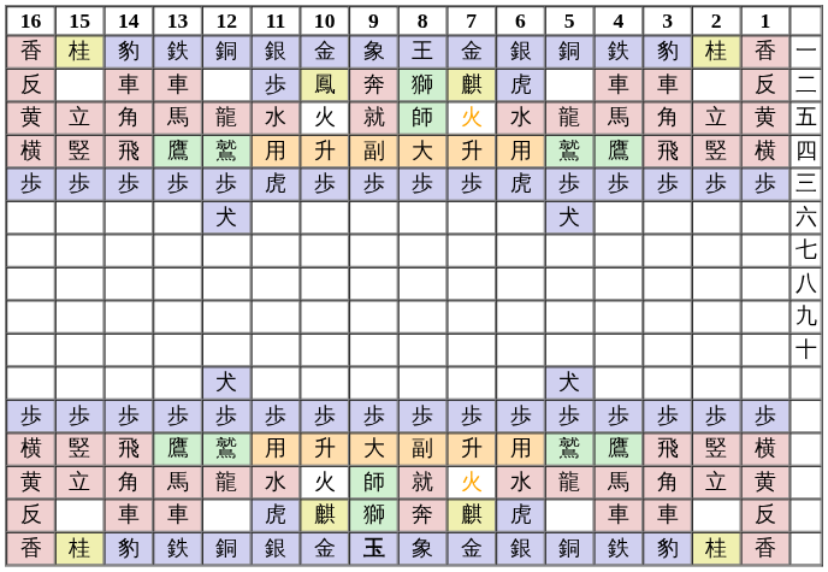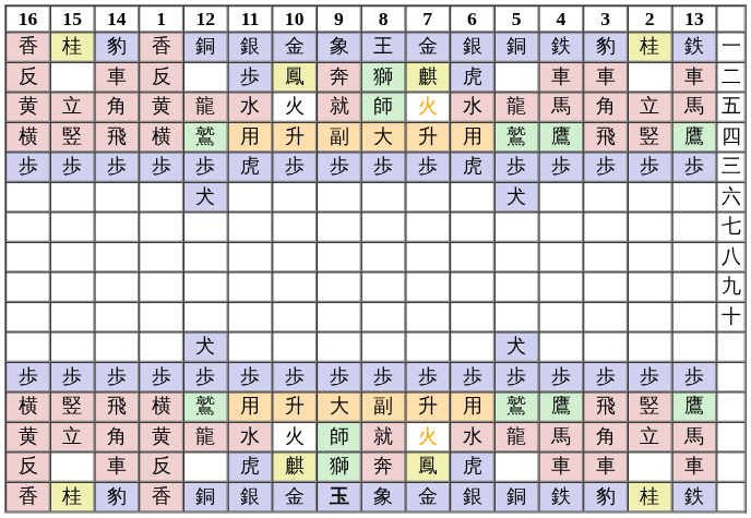 <table border="1" cellspacing="0">
 <tr align=center border="0" style="background:white;">
 <th style="width:33px">16</th>
 <th style="width:33px">15</th>
 <th style="width:33px">14</th>
-<th style="width:33px">13</th>
+<th style="width:33px">1</th>
 <th style="width:33px">12</th>
 <th style="width:33px">11</th>
 <th style="width:33px">10</th>
 <th style="width:33px">9</th>
 <th style="width:33px">8</th>
 <th style="width:33px">7</th>
 <th style="width:33px">6</th>
 <th style="width:33px">5</th>
 <th style="width:33px">4</th>
 <th style="width:33px">3</th>
 <th style="width:33px">2</th>
-<th style="width:33px">1</th>
+<th style="width:33px">13</th>
 <th> </th>
 </tr>
 <tr align=center>
 <td style="background:#f0d0d0;">香</td>
 <td style="background:#f0f0b0;">桂</td>
 <td style="background:#d0d0f0;">豹</td>
-<td style="background:#d0d0f0;">鉄</td>
+<td style="background:#f0d0d0;">香</td>
 <td style="background:#d0d0f0;">銅</td>
 <td style="background:#d0d0f0;">銀</td>
 <td style="background:#d0d0f0;">金</td>
 <td style="background:#d0d0f0;">象</td>
 <td style="background:#d0d0f0;">王</td>
 <td style="background:#d0d0f0;">金</td>
 <td style="background:#d0d0f0;">銀</td>
 <td style="background:#d0d0f0;">銅</td>
 <td style="background:#d0d0f0;">鉄</td>
 <td style="background:#d0d0f0;">豹</td>
 <td style="background:#f0f0b0;">桂</td>
-<td style="background:#f0d0d0;">香</td>
+<td style="background:#d0d0f0;">鉄</td>
 <td style="width:20px" style="background:white;">一</td>
 </tr>
 <tr align=center>
 <td style="background:#f0d0d0;">反</td>
 <td> </td>
 <td style="background:#f0d0d0;">車</td>
-<td style="background:#f0d0d0;">車</td>
+<td style="background:#f0d0d0;">反</td>
 <td> </td>
 <td style="background:#d0d0f0;">歩</td>
 <td style="background:#f0f0b0;">鳳</td>
 <td style="background:#f0d0d0;">奔</td>
 <td style="background:#d0f0d0;">獅</td>
 <td style="background:#f0f0b0;">麒</td>
 <td style="background:#d0d0f0;">虎</td>
 <td> </td>
 <td style="background:#f0d0d0;">車</td>
 <td style="background:#f0d0d0;">車</td>
 <td> </td>
-<td style="background:#f0d0d0;">反</td>
+<td style="background:#f0d0d0;">車</td>
 <td style="background:white;">二</td>
 </tr>
 <tr align=center>
 <td style="background:#f0d0d0;">黄</td>
 <td style="background:#f0d0d0;">立</td>
 <td style="background:#f0d0d0;">角</td>
-<td style="background:#f0d0d0;">馬</td>
+<td style="background:#f0d0d0;">黄</td>
 <td style="background:#f0d0d0;">龍</td>
 <td style="background:#f0d0d0;">水</td>
 <td style="background:white;" style="color:orange">火</td>
 <td style="background:#f0d0d0;">就</td>
 <td style="background:#d0f0d0;">師</td>
 <td style="background:white; color:orange">火</td>
 <td style="background:#f0d0d0;">水</td>
 <td style="background:#f0d0d0;">龍</td>
 <td style="background:#f0d0d0;">馬</td>
 <td style="background:#f0d0d0;">角</td>
 <td style="background:#f0d0d0;">立</td>
-<td style="background:#f0d0d0;">黄</td>
+<td style="background:#f0d0d0;">馬</td>
 <td style="background:white;">五</td>
 </tr>
 <tr align=center>
 <td style="background:#f0d0d0;">横</td>
 <td style="background:#f0d0d0;">竪</td>
 <td style="background:#f0d0d0;">飛</td>
-<td style="background:#d0f0d0;">鷹</td>
+<td style="background:#f0d0d0;">横</td>
 <td style="background:#d0f0d0;">鷲</td>
 <td style="background:#ffdead;">用</td>
 <td style="background:#ffdead;">升</td>
 <td style="background:#ffdead;">副</td>
 <td style="background:#ffdead;">大</td>
 <td style="background:#ffdead;">升</td>
 <td style="background:#ffdead;">用</td>
 <td style="background:#d0f0d0;">鷲</td>
 <td style="background:#d0f0d0;">鷹</td>
 <td style="background:#f0d0d0;">飛</td>
 <td style="background:#f0d0d0;">竪</td>
-<td style="background:#f0d0d0;">横</td>
+<td style="background:#d0f0d0;">鷹</td>
 <td style="background:white;">四</td>
 </tr>
 <tr align=center>
 <td style="background:#d0d0f0;">歩</td>
 <td style="background:#d0d0f0;">歩</td>
 <td style="background:#d0d0f0;">歩</td>
 <td style="background:#d0d0f0;">歩</td>
 <td style="background:#d0d0f0;">歩</td>
 <td style="background:#d0d0f0;">虎</td>
 <td style="background:#d0d0f0;">歩</td>
 <td style="background:#d0d0f0;">歩</td>
 <td style="background:#d0d0f0;">歩</td>
 <td style="background:#d0d0f0;">歩</td>
 <td style="background:#d0d0f0;">虎</td>
 <td style="background:#d0d0f0;">歩</td>
 <td style="background:#d0d0f0;">歩</td>
 <td style="background:#d0d0f0;">歩</td>
 <td style="background:#d0d0f0;">歩</td>
 <td style="background:#d0d0f0;">歩</td>
 <td style="background:white;">三</td>
 </tr>
 <tr align=center>
 <td> </td>
 <td> </td>
 <td> </td>
 <td> </td>
 <td style="background:#d0d0f0;">犬</td>
 <td> </td>
 <td> </td>
 <td> </td>
 <td> </td>
 <td> </td>
 <td> </td>
 <td style="background:#d0d0f0;">犬</td>
 <td> </td>
 <td> </td>
 <td> </td>
 <td> </td>
 <td style="background:white;">六</td>
 </tr>
 <tr align=center>
 <td> </td>
 <td> </td>
 <td> </td>
 <td> </td>
 <td> </td>
 <td> </td>
 <td> </td>
 <td> </td>
 <td> </td>
 <td> </td>
 <td> </td>
 <td> </td>
 <td> </td>
 <td> </td>
 <td> </td>
 <td> </td>
 <td style="background:white;">七</td>
 </tr>
 <tr align=center>
 <td> </td>
 <td> </td>
 <td> </td>
 <td> </td>
 <td> </td>
 <td> </td>
 <td> </td>
 <td> </td>
 <td> </td>
 <td> </td>
 <td> </td>
 <td> </td>
 <td> </td>
 <td> </td>
 <td> </td>
 <td> </td>
 <td style="background:white;">八</td>
 </tr>
 <tr align=center>
 <td> </td>
 <td> </td>
 <td> </td>
 <td> </td>
 <td> </td>
 <td> </td>
 <td> </td>
 <td> </td>
 <td> </td>
 <td> </td>
 <td> </td>
 <td> </td>
 <td> </td>
 <td> </td>
 <td> </td>
 <td> </td>
 <td style="background:white;">九</td>
 </tr>
 <tr align=center>
 <td> </td>
 <td> </td>
 <td> </td>
 <td> </td>
 <td> </td>
 <td> </td>
 <td> </td>
 <td> </td>
 <td> </td>
 <td> </td>
 <td> </td>
 <td> </td>
 <td> </td>
 <td> </td>
 <td> </td>
 <td> </td>
 <td style="background:white;">十</td>
 </tr>
 <tr align=center>
 <td> </td>
 <td> </td>
 <td> </td>
 <td> </td>
 <td style="background:#d0d0f0;">犬</td>
 <td> </td>
 <td> </td>
 <td> </td>
 <td> </td>
 <td> </td>
 <td> </td>
 <td style="background:#d0d0f0;">犬</td>
 <td> </td>
 <td> </td>
 <td> </td>
 <td> </td>
 <td style="background:white;"></td>
 </tr>
 <tr align=center>
 <td style="background:#d0d0f0;">歩</td>
 <td style="background:#d0d0f0;">歩</td>
 <td style="background:#d0d0f0;">歩</td>
 <td style="background:#d0d0f0;">歩</td>
 <td style="background:#d0d0f0;">歩</td>
 <td style="background:#d0d0f0;">歩</td>
 <td style="background:#d0d0f0;">歩</td>
 <td style="background:#d0d0f0;">歩</td>
 <td style="background:#d0d0f0;">歩</td>
 <td style="background:#d0d0f0;">歩</td>
 <td style="background:#d0d0f0;">歩</td>
 <td style="background:#d0d0f0;">歩</td>
 <td style="background:#d0d0f0;">歩</td>
 <td style="background:#d0d0f0;">歩</td>
 <td style="background:#d0d0f0;">歩</td>
 <td style="background:#d0d0f0;">歩</td>
 <td style="background:white;"></td>
 </tr>
 <tr align=center>
 <td style="background:#f0d0d0;">横</td>
 <td style="background:#f0d0d0;">竪</td>
 <td style="background:#f0d0d0;">飛</td>
-<td style="background:#d0f0d0;">鷹</td>
+<td style="background:#f0d0d0;">横</td>
 <td style="background:#d0f0d0;">鷲</td>
 <td style="background:#ffdead;">用</td>
 <td style="background:#ffdead;">升</td>
 <td style="background:#ffdead;">大</td>
 <td style="background:#ffdead;">副</td>
 <td style="background:#ffdead;">升</td>
 <td style="background:#ffdead;">用</td>
 <td style="background:#d0f0d0;">鷲</td>
 <td style="background:#d0f0d0;">鷹</td>
 <td style="background:#f0d0d0;">飛</td>
 <td style="background:#f0d0d0;">竪</td>
-<td style="background:#f0d0d0;">横</td>
+<td style="background:#d0f0d0;">鷹</td>
 <td style="background:white;"></td>
 </tr>
 <tr align=center>
 <td style="background:#f0d0d0;">黄</td>
 <td style="background:#f0d0d0;">立</td>
 <td style="background:#f0d0d0;">角</td>
-<td style="background:#f0d0d0;">馬</td>
+<td style="background:#f0d0d0;">黄</td>
 <td style="background:#f0d0d0;">龍</td>
 <td style="background:#f0d0d0;">水</td>
 <td style="background:white;" style="color:orange">火</td>
 <td style="background:#d0f0d0;">師</td>
 <td style="background:#f0d0d0;">就</td>
 <td style="background:white; color:orange">火</td>
 <td style="background:#f0d0d0;">水</td>
 <td style="background:#f0d0d0;">龍</td>
 <td style="background:#f0d0d0;">馬</td>
 <td style="background:#f0d0d0;">角</td>
 <td style="background:#f0d0d0;">立</td>
-<td style="background:#f0d0d0;">黄</td>
+<td style="background:#f0d0d0;">馬</td>
 <td style="background:white;"></td>
 </tr>
 <tr align=center>
 <td style="background:#f0d0d0;">反</td>
 <td> </td>
 <td style="background:#f0d0d0;">車</td>
-<td style="background:#f0d0d0;">車</td>
+<td style="background:#f0d0d0;">反</td>
 <td> </td>
 <td style="background:#d0d0f0;">虎</td>
 <td style="background:#f0f0b0;">麒</td>
 <td style="background:#d0f0d0;">獅</td>
 <td style="background:#f0d0d0;">奔</td>
-<td style="background:#f0f0b0;">麒</td>
+<td style="background:#f0f0b0;">鳳</td>
 <td style="background:#d0d0f0;">虎</td>
 <td> </td>
 <td style="background:#f0d0d0;">車</td>
 <td style="background:#f0d0d0;">車</td>
 <td> </td>
-<td style="background:#f0d0d0;">反</td>
+<td style="background:#f0d0d0;">車</td>
 <td style="background:white;"></td>
 </tr>
 <tr align=center>
 <td style="background:#f0d0d0;">香</td>
 <td style="background:#f0f0b0;">桂</td>
 <td style="background:#d0d0f0;">豹</td>
-<td style="background:#d0d0f0;">鉄</td>
+<td style="background:#f0d0d0;">香</td>
 <td style="background:#d0d0f0;">銅</td>
 <td style="background:#d0d0f0;">銀</td>
 <td style="background:#d0d0f0;">金</td>
 <td style="background:#d0d0f0;"><strong>玉</strong></td>
 <td style="background:#d0d0f0;">象</td>
 <td style="background:#d0d0f0;">金</td>
 <td style="background:#d0d0f0;">銀</td>
 <td style="background:#d0d0f0;">銅</td>
 <td style="background:#d0d0f0;">鉄</td>
 <td style="background:#d0d0f0;">豹</td>
 <td style="background:#f0f0b0;">桂</td>
-<td style="background:#f0d0d0;">香</td>
+<td style="background:#d0d0f0;">鉄</td>
 <td style="background:white;"></td>
 </tr>
 </table>
